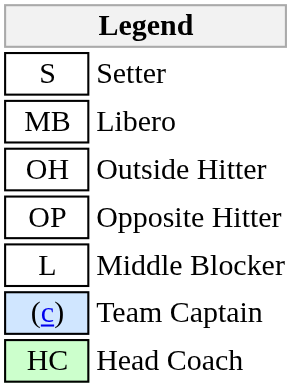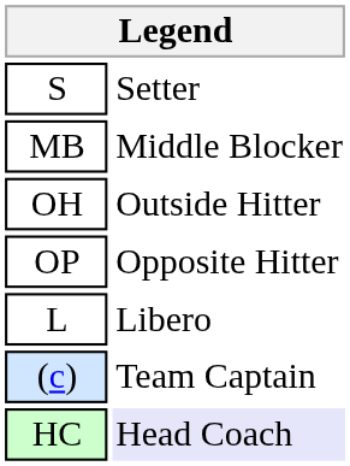 <table class="toccolours" style="float:right; font-size:90%; white-space:nowrap; valign:middle">
 <tr>
 <th colspan="6" style="background-color:#F2F2F2; border:1px solid #AAAAAA">Legend</th>
 </tr>
 <tr>
 <td style="border:1px solid black" align="center">  S  </td>
 <td>Setter</td>
 </tr>
 <tr>
 <td style="border:1px solid black" align="center">  MB  </td>
-<td>Libero</td>
+<td>Middle Blocker</td>
 </tr>
 <tr>
 <td style="border:1px solid black" align="center">  OH  </td>
 <td>Outside Hitter</td>
 </tr>
 <tr>
 <td style="border:1px solid black" align="center">  OP  </td>
 <td>Opposite Hitter</td>
 </tr>
 <tr>
 <td style="border:1px solid black" align="center">  L  </td>
-<td>Middle Blocker</td>
+<td>Libero</td>
 </tr>
 <tr>
 <td style="background:#D0E6FF;border:1px solid black" align="center"> (<a href='#'>c</a>) </td>
 <td>Team Captain</td>
 </tr>
 <tr>
 <td style="background: #ccffcc; border: 1px solid black" align="center"> HC </td>
-<td>Head Coach</td>
+<td style="background: lavender;">Head Coach</td>
 </tr>
 <tr>
 </tr>
 </table>
